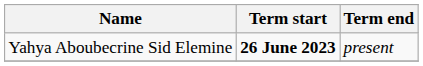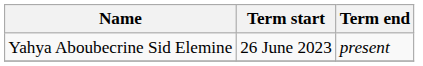 <table class="wikitable" style="font-size:95%;">
 <tr>
 <th>Name</th>
 <th>Term start</th>
 <th>Term end</th>
 </tr>
 <tr>
 <td>Yahya Aboubecrine Sid Elemine</td>
-<td><strong>26 June 2023</strong></td>
+<td>26 June 2023</td>
 <td><em>present</em></td>
 </tr>
 <tr>
 </tr>
 </table>
